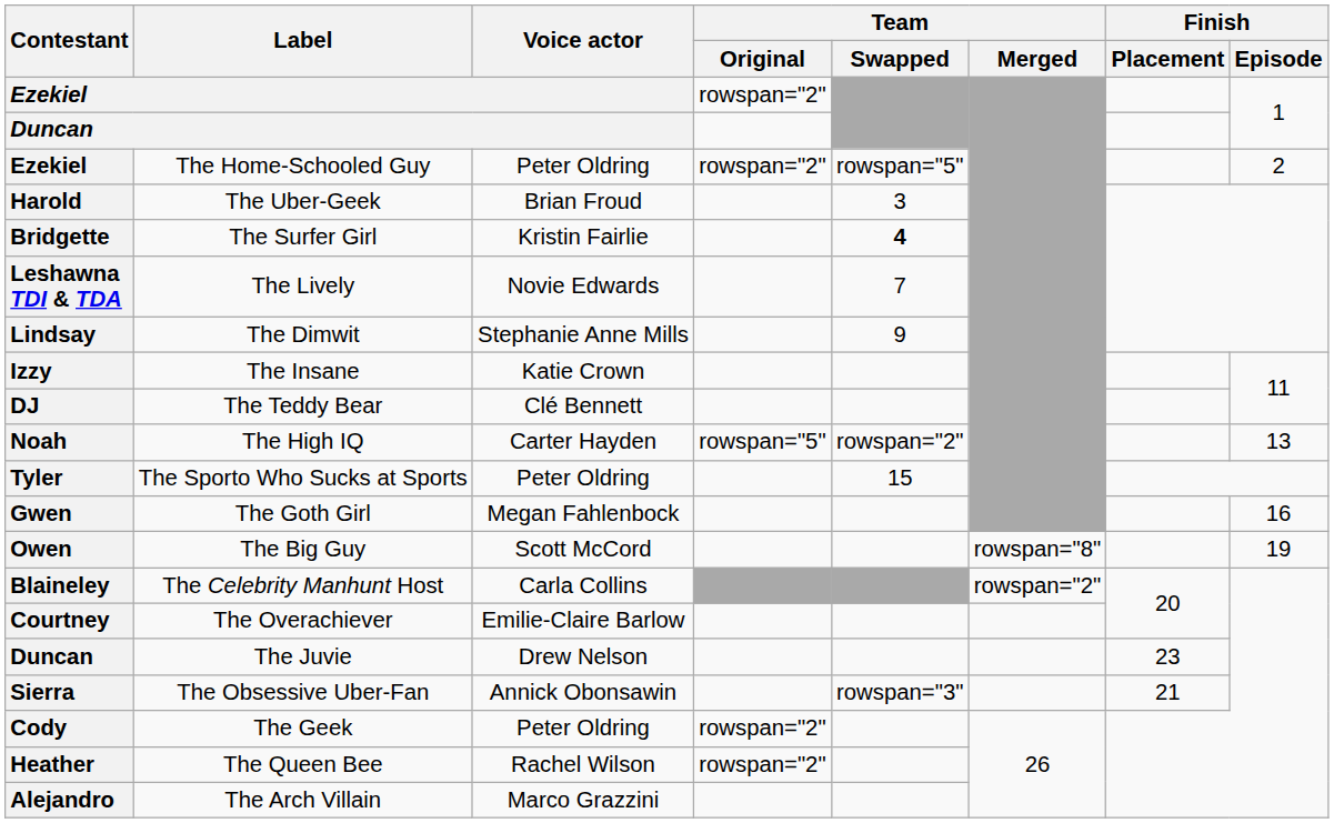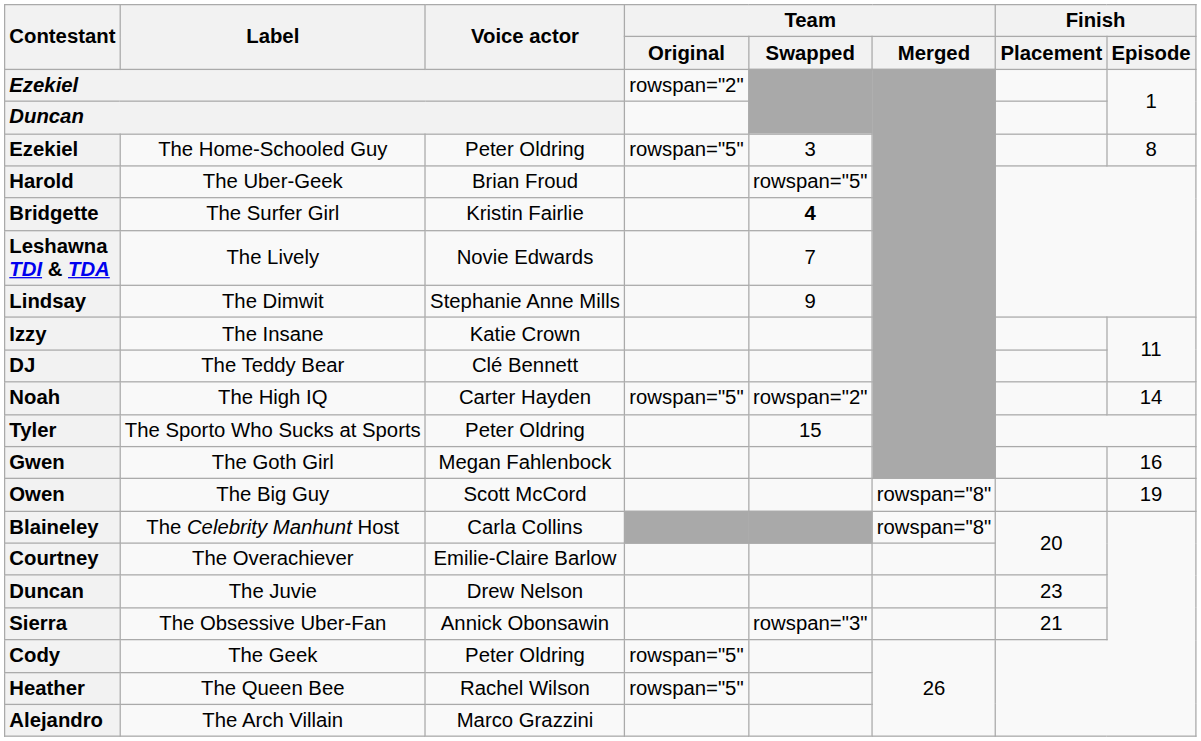 <table class="wikitable sortable" style="text-align:center;">
 <tr>
 <th rowspan="2" scope="col">Contestant</th>
 <th rowspan="2" scope="col" class="unsortable">Label</th>
 <th rowspan="2" scope="col" class="unsortable">Voice actor</th>
 <th colspan="3" scope="colgroup">Team</th>
 <th colspan="2" scope="colgroup">Finish</th>
 </tr>
 <tr>
 <th scope="col">Original</th>
 <th scope="col">Swapped</th>
 <th scope="col" class="unsortable">Merged</th>
 <th scope="col" class="unsortable">Placement</th>
 <th scope="col" class="unsortable">Episode</th>
 </tr>
 <tr>
 <th colspan="3" scope="row" style="text-align:left;"><em>Ezekiel<br></em></th>
 <td>rowspan="2" </td>
 <td rowspan="2" style="background:darkgray;"></td>
 <td rowspan="12" style="background:darkgray;"></td>
 <td></td>
 <td rowspan="2">1</td>
 </tr>
 <tr>
 <th colspan="3" scope="row" style="text-align:left;"><em>Duncan</em><br></th>
 <td></td>
 </tr>
 <tr>
 <th scope="row" style="text-align:left;">Ezekiel<br></th>
 <td>The Home-Schooled Guy</td>
 <td>Peter Oldring</td>
-<td>rowspan="2" </td>
 <td>rowspan="5" </td>
+<td>3</td>
 <td></td>
-<td>2</td>
+<td>8</td>
 </tr>
 <tr>
 <th scope="row" style="text-align:left;">Harold<br></th>
 <td>The Uber-Geek</td>
 <td>Brian Froud</td>
 <td></td>
-<td>3</td>
+<td>rowspan="5" </td>
 </tr>
 <tr>
 <th scope="row" style="text-align:left;">Bridgette<br></th>
 <td>The Surfer Girl</td>
 <td>Kristin Fairlie</td>
 <td></td>
 <td><strong>4</strong></td>
 </tr>
 <tr>
 <th scope="row" style="text-align:left;">Leshawna<br><em><a href='#'>TDI</a></em> & <em><a href='#'>TDA</a></em></th>
 <td>The Lively</td>
 <td>Novie Edwards</td>
 <td></td>
 <td>7</td>
 </tr>
 <tr>
 <th scope="row" style="text-align:left;">Lindsay<br></th>
 <td>The Dimwit</td>
 <td>Stephanie Anne Mills</td>
 <td></td>
 <td>9</td>
 </tr>
 <tr>
 <th scope="row" style="text-align:left;">Izzy<br></th>
 <td>The Insane</td>
 <td>Katie Crown</td>
 <td></td>
 <td></td>
 <td></td>
 <td rowspan="2">11</td>
 </tr>
 <tr>
 <th scope="row" style="text-align:left;">DJ<br></th>
 <td>The Teddy Bear</td>
 <td>Clé Bennett</td>
 <td></td>
 <td></td>
 <td></td>
 </tr>
 <tr>
 <th scope="row" style="text-align:left;">Noah<br></th>
 <td>The High IQ</td>
 <td>Carter Hayden</td>
 <td>rowspan="5" </td>
 <td>rowspan="2" </td>
 <td></td>
-<td>13</td>
+<td>14</td>
 </tr>
 <tr>
 <th scope="row" style="text-align:left;">Tyler<br></th>
 <td>The Sporto Who Sucks at Sports</td>
 <td>Peter Oldring</td>
 <td></td>
 <td>15</td>
 </tr>
 <tr>
 <th scope="row" style="text-align:left;">Gwen<br></th>
 <td>The Goth Girl</td>
 <td>Megan Fahlenbock</td>
 <td></td>
 <td></td>
 <td></td>
 <td>16</td>
 </tr>
 <tr>
 <th scope="row" style="text-align:left;">Owen<br></th>
 <td>The Big Guy</td>
 <td>Scott McCord</td>
 <td></td>
 <td></td>
 <td>rowspan="8" </td>
 <td></td>
 <td>19</td>
 </tr>
 <tr>
 <th scope="row" style="text-align:left;">Blaineley</th>
 <td>The <em>Celebrity Manhunt</em> Host</td>
 <td>Carla Collins</td>
 <td style="background:darkgray;"></td>
 <td style="background:darkgray;"></td>
-<td>rowspan="2" </td>
+<td>rowspan="8" </td>
 <td rowspan="2">20</td>
 </tr>
 <tr>
 <th scope="row" style="text-align:left;">Courtney<br></th>
 <td>The Overachiever</td>
 <td>Emilie-Claire Barlow</td>
 <td></td>
 <td></td>
 </tr>
 <tr>
 <th scope="row" style="text-align:left;">Duncan<br></th>
 <td>The Juvie</td>
 <td>Drew Nelson</td>
 <td></td>
 <td></td>
 <td></td>
 <td>23</td>
 </tr>
 <tr>
 <th scope="row" style="text-align:left;">Sierra</th>
 <td>The Obsessive Uber-Fan</td>
 <td>Annick Obonsawin</td>
 <td></td>
 <td>rowspan="3" </td>
 <td></td>
 <td>21</td>
 </tr>
 <tr>
 <th scope="row" style="text-align:left;">Cody<br></th>
 <td>The Geek</td>
 <td>Peter Oldring</td>
-<td>rowspan="2" </td>
+<td>rowspan="5" </td>
 <td></td>
 <td rowspan="3">26</td>
 </tr>
 <tr>
 <th scope="row" style="text-align:left;">Heather<br></th>
 <td>The Queen Bee</td>
 <td>Rachel Wilson</td>
-<td>rowspan="2" </td>
+<td>rowspan="5" </td>
 </tr>
 <tr>
 <th scope="row" style="text-align:left;">Alejandro</th>
 <td>The Arch Villain</td>
 <td>Marco Grazzini</td>
 <td></td>
 <td></td>
 </tr>
 </table>
